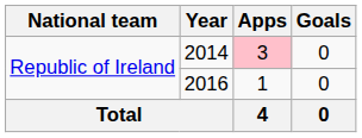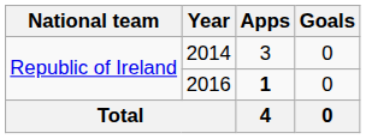 <table class="wikitable" style="text-align:center">
 <tr>
 <th>National team</th>
 <th>Year</th>
 <th>Apps</th>
 <th>Goals</th>
 </tr>
 <tr>
 <td rowspan="2"><a href='#'>Republic of Ireland</a></td>
 <td>2014</td>
-<td style="background: pink;">3</td>
+<td>3</td>
 <td>0</td>
 </tr>
 <tr>
 <td>2016</td>
-<td>1</td>
+<td><strong>1</strong></td>
 <td>0</td>
 </tr>
 <tr>
 <th colspan="2">Total</th>
 <th>4</th>
 <th>0</th>
 </tr>
 </table>
